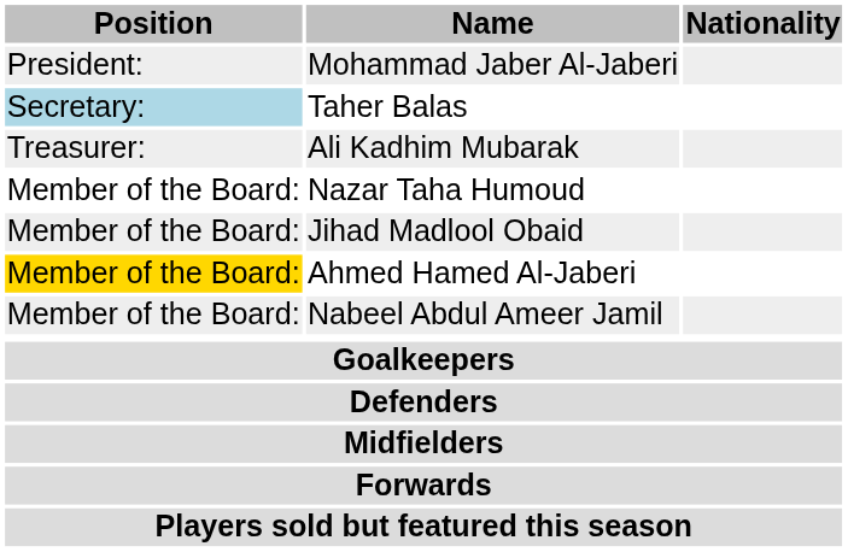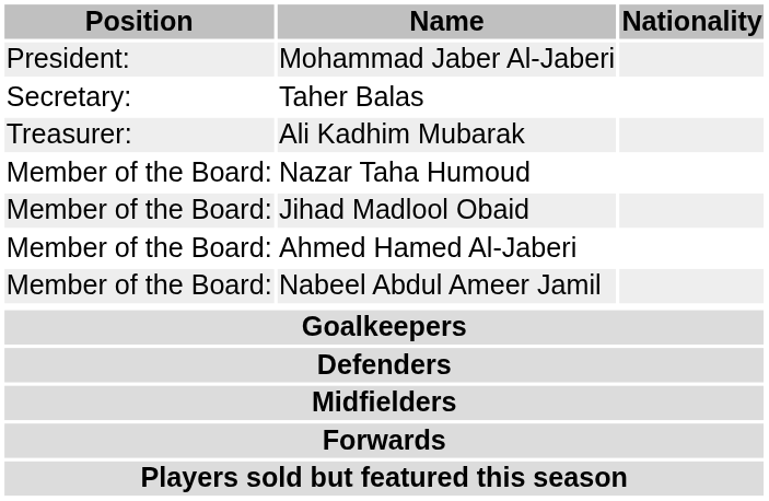 <table class="toccolours">
 <tr>
 <th bgcolor=silver>Position</th>
 <th bgcolor=silver>Name</th>
 <th bgcolor=silver>Nationality</th>
 </tr>
 <tr bgcolor=#eeeeee>
 <td>President:</td>
 <td>Mohammad Jaber Al-Jaberi</td>
 <td></td>
 </tr>
 <tr>
-<td style="background: lightblue;">Secretary:</td>
+<td>Secretary:</td>
 <td>Taher Balas</td>
 <td></td>
 </tr>
 <tr bgcolor=#eeeeee>
 <td>Treasurer:</td>
 <td>Ali Kadhim Mubarak</td>
 <td></td>
 </tr>
 <tr>
 <td>Member of the Board:</td>
 <td>Nazar Taha Humoud</td>
 <td></td>
 </tr>
 <tr bgcolor=#eeeeee>
 <td>Member of the Board:</td>
 <td>Jihad Madlool Obaid</td>
 <td></td>
 </tr>
 <tr>
-<td style="background: gold;">Member of the Board:</td>
+<td>Member of the Board:</td>
 <td>Ahmed Hamed Al-Jaberi</td>
 <td></td>
 </tr>
 <tr bgcolor=#eeeeee>
 <td>Member of the Board:</td>
 <td>Nabeel Abdul Ameer Jamil</td>
 <td></td>
 </tr>
 <tr>
 </tr>
 <tr>
 <th colspan=10 style=background:#DCDCDC; text-align:center>Goalkeepers<br>  </th>
 </tr>
 <tr>
 <th colspan=10 style=background:#DCDCDC; text-align:center>Defenders<br>       </th>
 </tr>
 <tr>
 <th colspan=10 style=background:#DCDCDC; text-align:center>Midfielders<br>          </th>
 </tr>
 <tr>
 <th colspan=10 style=background:#DCDCDC; text-align:center>Forwards<br>  </th>
 </tr>
 <tr>
 <th colspan=10 style=background:#DCDCDC; text-align:center>Players sold but featured this season<br>     </th>
 </tr>
 <tr>
 </tr>
 </table>
